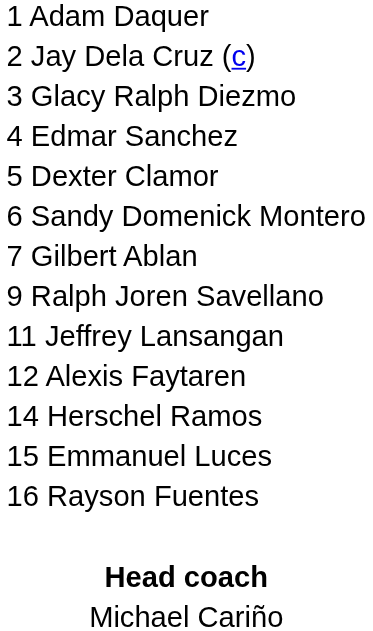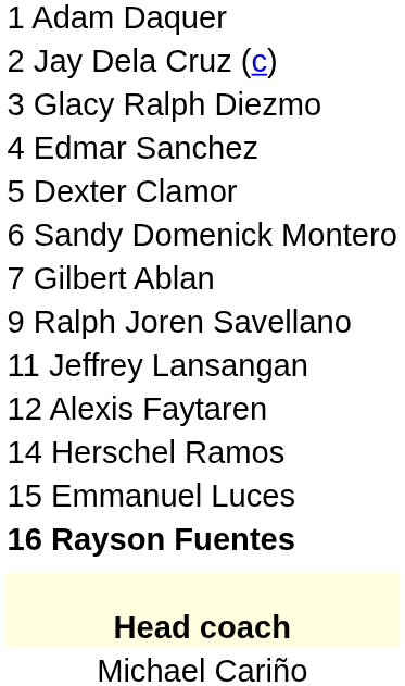 <table style="text-align: center; margin-top: 2em; margin-left: auto; margin-right: auto">
 <tr align=left>
 <td>1 Adam Daquer</td>
 </tr>
 <tr align=left>
 <td>2 Jay Dela Cruz (<a href='#'>c</a>)</td>
 </tr>
 <tr align=left>
 <td>3 Glacy Ralph Diezmo</td>
 </tr>
 <tr align=left>
 <td>4 Edmar Sanchez</td>
 </tr>
 <tr align=left>
 <td>5 Dexter Clamor</td>
 </tr>
 <tr align=left>
 <td>6 Sandy Domenick Montero</td>
 </tr>
 <tr align=left>
 <td>7 Gilbert Ablan</td>
 </tr>
 <tr align=left>
 <td>9 Ralph Joren Savellano</td>
 </tr>
 <tr align=left>
 <td>11 Jeffrey Lansangan</td>
 </tr>
 <tr align=left>
 <td>12 Alexis Faytaren</td>
 </tr>
 <tr align=left>
 <td>14 Herschel Ramos</td>
 </tr>
 <tr align=left>
 <td>15 Emmanuel Luces</td>
 </tr>
 <tr align=left>
-<td>16 Rayson Fuentes</td>
+<td><strong>16 Rayson Fuentes</strong></td>
 </tr>
 <tr>
 <td></td>
 </tr>
 <tr>
-<td><br><strong>Head coach</strong></td>
+<td style="background: lightyellow;"><br><strong>Head coach</strong></td>
 </tr>
 <tr>
 <td>Michael Cariño</td>
 </tr>
 </table>
